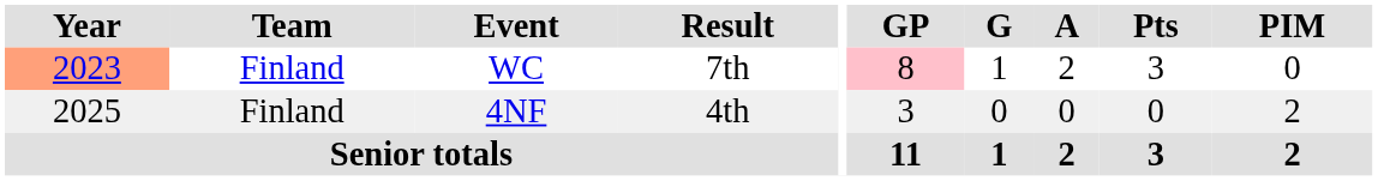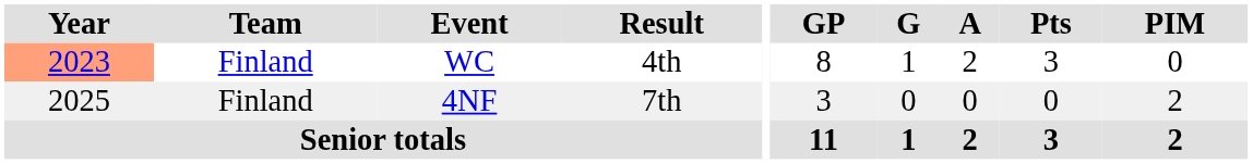 <table border="0" cellpadding="1" cellspacing="0" ID="Table3" style="text-align:center; width:40em;">
 <tr ALIGN="center" bgcolor="#e0e0e0">
 <th>Year</th>
 <th>Team</th>
 <th>Event</th>
 <th>Result</th>
 <th rowspan="99" bgcolor="#ffffff"></th>
 <th>GP</th>
 <th>G</th>
 <th>A</th>
 <th>Pts</th>
 <th>PIM</th>
 </tr>
 <tr>
 <td style="background: lightsalmon;"><a href='#'>2023</a></td>
 <td><a href='#'>Finland</a></td>
 <td><a href='#'>WC</a></td>
-<td>7th</td>
-<td style="background: pink;">8</td>
+<td>4th</td>
+<td>8</td>
 <td>1</td>
 <td>2</td>
 <td>3</td>
 <td>0</td>
 </tr>
 <tr bgcolor="#f0f0f0">
 <td>2025</td>
 <td>Finland</td>
 <td><a href='#'>4NF</a></td>
-<td>4th</td>
+<td>7th</td>
 <td>3</td>
 <td>0</td>
 <td>0</td>
 <td>0</td>
 <td>2</td>
 </tr>
 <tr bgcolor="#e0e0e0">
 <th colspan="4">Senior totals</th>
 <th>11</th>
 <th>1</th>
 <th>2</th>
 <th>3</th>
 <th>2</th>
 </tr>
 </table>
